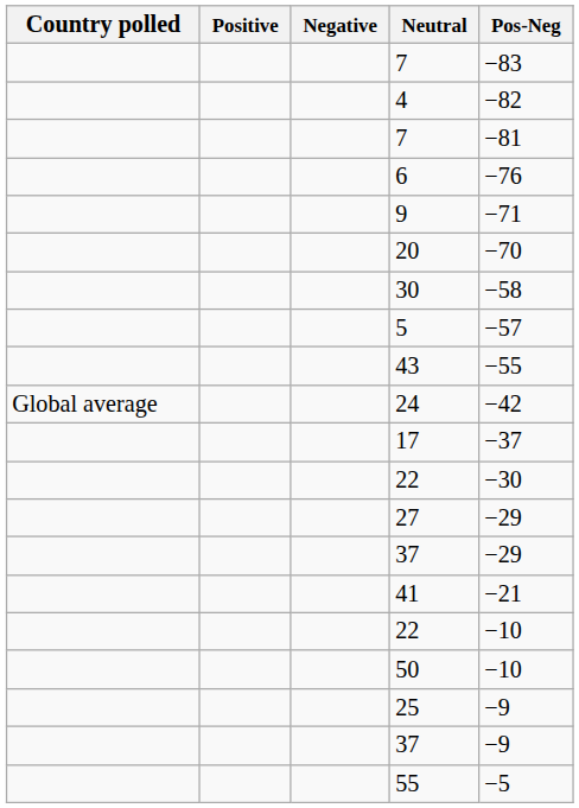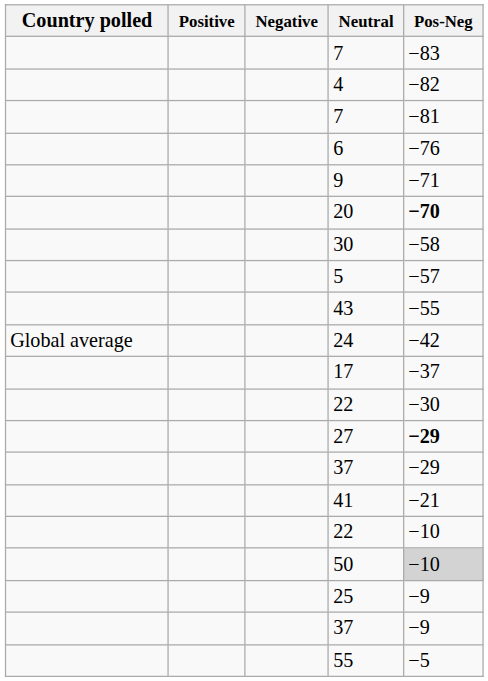 <table class="wikitable sortable floatright" style="width:380px; border:1px black; float:right; margin-left:1em;">
 <tr>
 <th>Country polled</th>
 <th><small>Positive</small></th>
 <th><small>Negative</small></th>
 <th><small>Neutral</small></th>
 <th><small>Pos-Neg</small></th>
 </tr>
 <tr>
 <td></td>
 <td></td>
 <td></td>
 <td>7</td>
 <td><span>−83</span></td>
 </tr>
 <tr>
 <td></td>
 <td></td>
 <td></td>
 <td>4</td>
 <td><span>−82</span></td>
 </tr>
 <tr>
 <td></td>
 <td></td>
 <td></td>
 <td>7</td>
 <td><span>−81</span></td>
 </tr>
 <tr>
 <td></td>
 <td></td>
 <td></td>
 <td>6</td>
 <td><span>−76</span></td>
 </tr>
 <tr>
 <td></td>
 <td></td>
 <td></td>
 <td>9</td>
 <td><span>−71</span></td>
 </tr>
 <tr>
 <td></td>
 <td></td>
 <td></td>
 <td>20</td>
-<td><span>−70</span></td>
+<td><strong><span>−70</span></strong></td>
 </tr>
 <tr>
 <td></td>
 <td></td>
 <td></td>
 <td>30</td>
 <td><span>−58</span></td>
 </tr>
 <tr>
 <td></td>
 <td></td>
 <td></td>
 <td>5</td>
 <td><span>−57</span></td>
 </tr>
 <tr>
 <td></td>
 <td></td>
 <td></td>
 <td>43</td>
 <td><span>−55</span></td>
 </tr>
 <tr>
 <td>Global average</td>
 <td></td>
 <td></td>
 <td>24</td>
 <td><span>−42</span></td>
 </tr>
 <tr>
 <td></td>
 <td></td>
 <td></td>
 <td>17</td>
 <td><span>−37</span></td>
 </tr>
 <tr>
 <td></td>
 <td></td>
 <td></td>
 <td>22</td>
 <td><span>−30</span></td>
 </tr>
 <tr>
 <td></td>
 <td></td>
 <td></td>
 <td>27</td>
-<td><span>−29</span></td>
+<td><strong><span>−29</span></strong></td>
 </tr>
 <tr>
 <td></td>
 <td></td>
 <td></td>
 <td>37</td>
 <td><span>−29</span></td>
 </tr>
 <tr>
 <td></td>
 <td></td>
 <td></td>
 <td>41</td>
 <td><span>−21</span></td>
 </tr>
 <tr>
 <td></td>
 <td></td>
 <td></td>
 <td>22</td>
 <td><span>−10</span></td>
 </tr>
 <tr>
 <td></td>
 <td></td>
 <td></td>
 <td>50</td>
-<td><span>−10</span></td>
+<td style="background: lightgrey;"><span>−10</span></td>
 </tr>
 <tr>
 <td></td>
 <td></td>
 <td></td>
 <td>25</td>
 <td><span>−9</span></td>
 </tr>
 <tr>
 <td></td>
 <td></td>
 <td></td>
 <td>37</td>
 <td><span>−9</span></td>
 </tr>
 <tr>
 <td></td>
 <td></td>
 <td></td>
 <td>55</td>
 <td><span>−5</span></td>
 </tr>
 <tr>
 </tr>
 </table>
